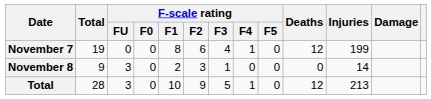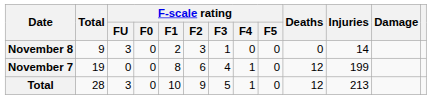 <table class="wikitable sortable" style="margin: 1em auto 1em auto;">
 <tr>
 <th scope="col" rowspan="2">Date</th>
 <th scope="col" rowspan="2" align="center">Total</th>
 <th scope="col" colspan="7" align="center"><a href='#'>F-scale</a> rating</th>
 <th scope="col" rowspan="2" align="center">Deaths</th>
 <th scope="col" rowspan="2" align="center">Injuries</th>
 <th scope="col" rowspan="2" align="center">Damage</th>
 <th scope="col" rowspan="2" align="center" class="unsortable"></th>
 </tr>
 <tr>
 <th scope="col" align="center"> FU </th>
 <th scope="col" align="center"> F0 </th>
 <th scope="col" align="center"> F1 </th>
 <th scope="col" align="center"> F2 </th>
 <th scope="col" align="center"> F3 </th>
 <th scope="col" align="center"> F4 </th>
 <th scope="col" align="center"> F5 </th>
 </tr>
 <tr>
+<th scope="row">November 8</th>
+<td align="right">9</td>
+<td align="right">3</td>
+<td align="right">0</td>
+<td align="right">2</td>
+<td align="right">3</td>
+<td align="right">1</td>
+<td align="right">0</td>
+<td align="right">0</td>
+<td align="right">0</td>
+<td align="right">14</td>
+<td align="right"></td>
+<td></td>
+</tr>
+<tr>
 <th scope="row">November 7</th>
 <td align="right">19</td>
 <td align="right">0</td>
 <td align="right">0</td>
 <td align="right">8</td>
 <td align="right">6</td>
 <td align="right">4</td>
 <td align="right">1</td>
 <td align="right">0</td>
 <td align="right">12</td>
 <td align="right">199</td>
-<td align="right"></td>
-<td></td>
-</tr>
-<tr>
-<th scope="row">November 8</th>
-<td align="right">9</td>
-<td align="right">3</td>
-<td align="right">0</td>
-<td align="right">2</td>
-<td align="right">3</td>
-<td align="right">1</td>
-<td align="right">0</td>
-<td align="right">0</td>
-<td align="right">0</td>
-<td align="right">14</td>
 <td align="right"></td>
 <td></td>
 </tr>
 <tr class="sortbottom">
 <th scope="row">Total</th>
 <td align="right">28</td>
 <td align="right">3</td>
 <td align="right">0</td>
 <td align="right">10</td>
 <td align="right">9</td>
 <td align="right">5</td>
 <td align="right">1</td>
 <td align="right">0</td>
 <td align="right">12</td>
 <td align="right">213</td>
 <td align="right"></td>
 <td></td>
 </tr>
 </table>
